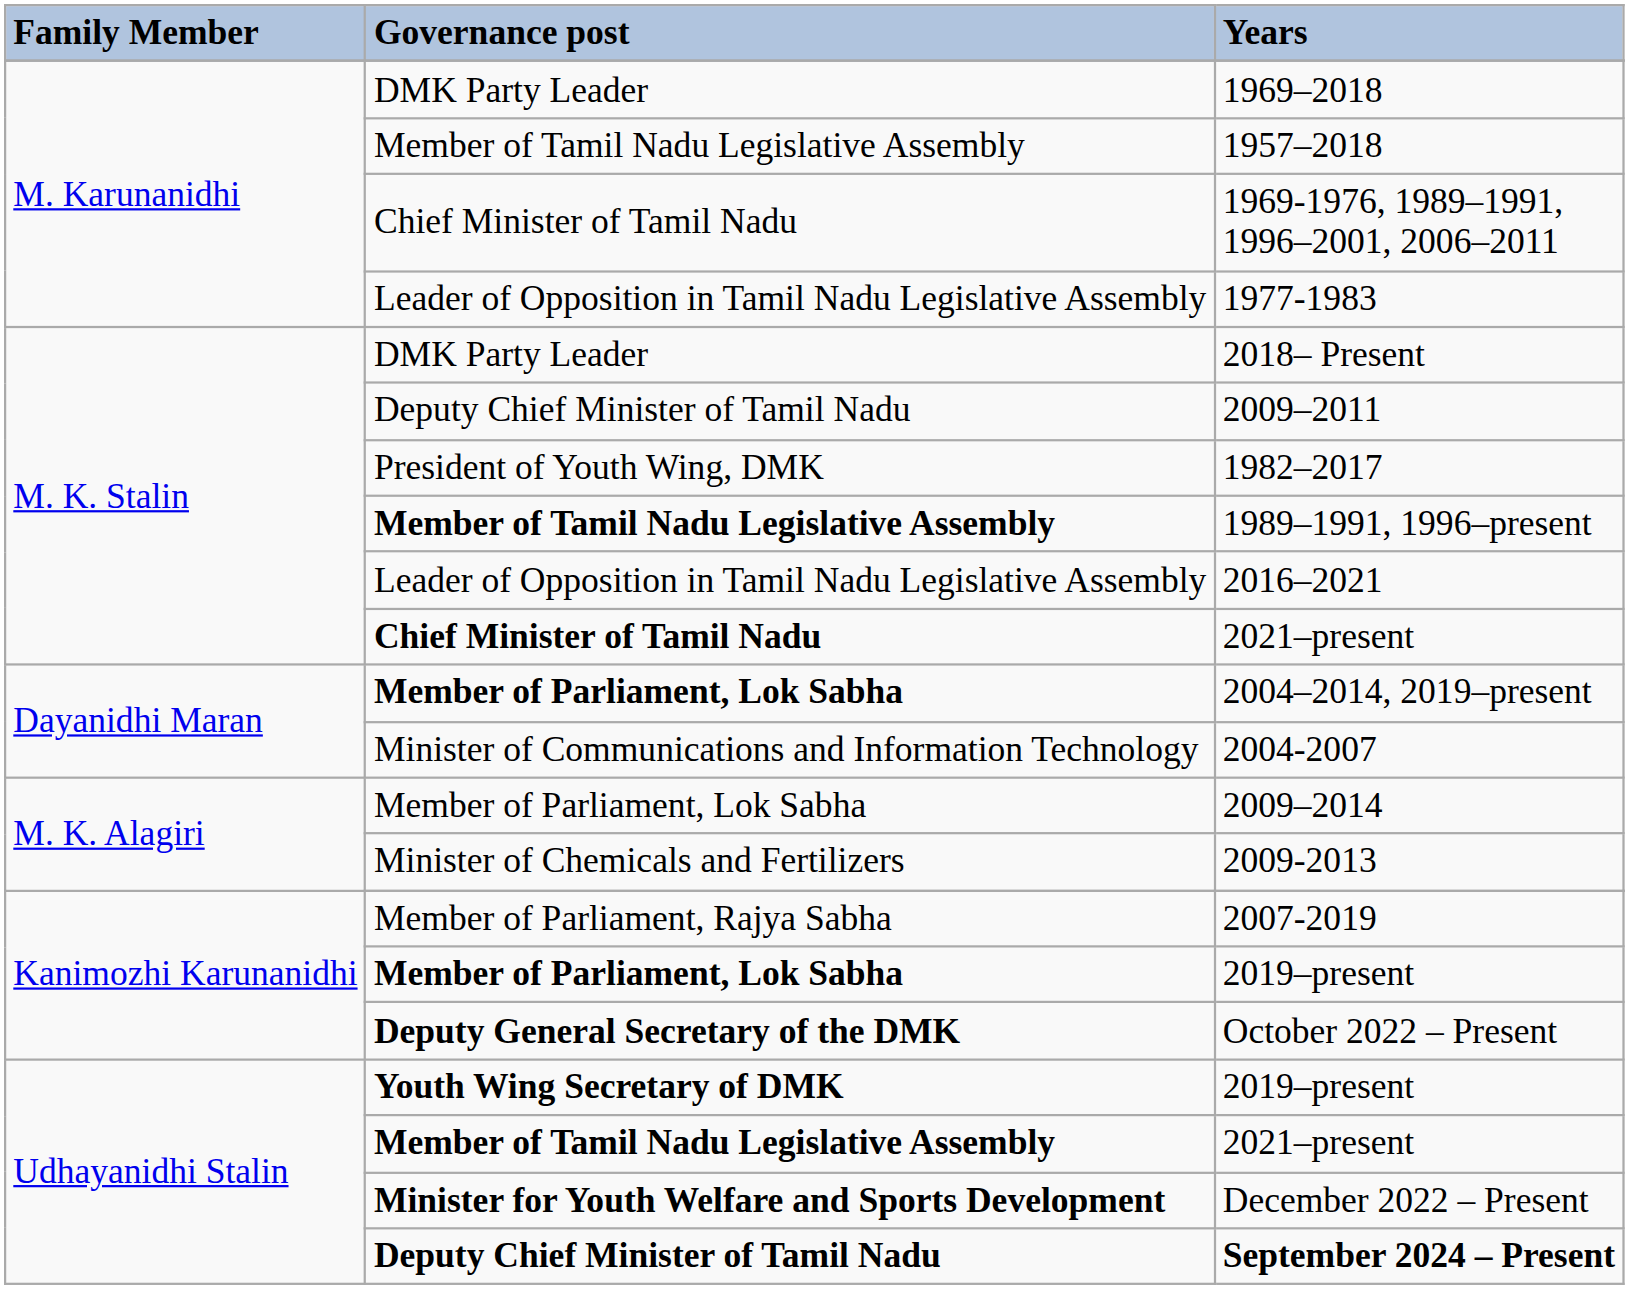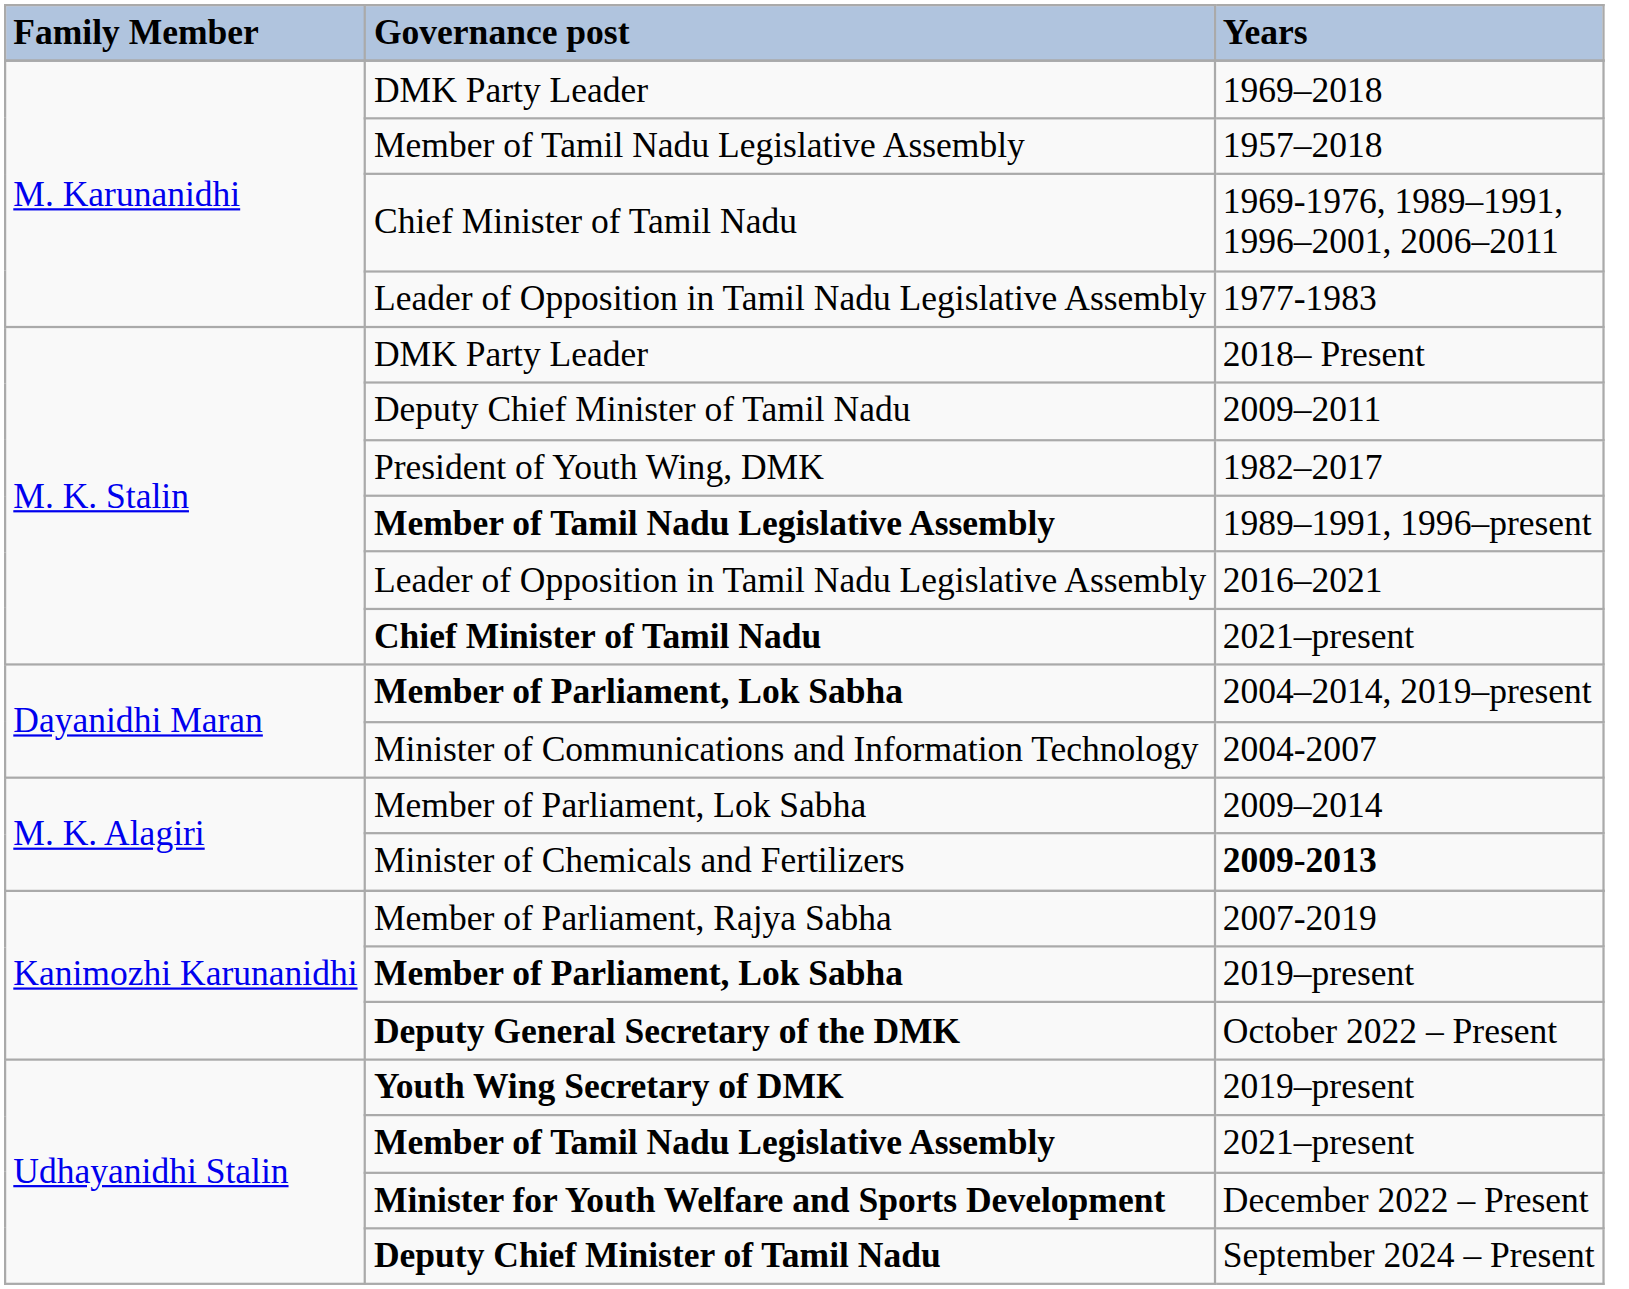 <table class="wikitable sortable">
 <tr style="background: LightSteelBlue;">
 <td><strong>Family Member</strong></td>
 <td><strong>Governance post</strong></td>
 <td><strong>Years</strong></td>
 </tr>
 <tr style="background:#CCCCC">
 </tr>
 <tr align ="center">
 </tr>
 <tr>
 <td rowspan="4"><a href='#'>M. Karunanidhi</a></td>
 <td>DMK Party Leader</td>
 <td>1969–2018</td>
 </tr>
 <tr>
 <td>Member of Tamil Nadu Legislative Assembly</td>
 <td>1957–2018</td>
 </tr>
 <tr>
 <td>Chief Minister of Tamil Nadu</td>
 <td>1969-1976, 1989–1991,<br>1996–2001, 2006–2011</td>
 </tr>
 <tr>
 <td>Leader of Opposition in Tamil Nadu Legislative Assembly</td>
 <td>1977-1983</td>
 </tr>
 <tr>
 <td rowspan="6"><a href='#'>M. K. Stalin</a></td>
 <td>DMK Party Leader</td>
 <td>2018– Present</td>
 </tr>
 <tr>
 <td>Deputy Chief Minister of Tamil Nadu</td>
 <td>2009–2011</td>
 </tr>
 <tr>
 <td>President of Youth Wing, DMK</td>
 <td>1982–2017</td>
 </tr>
 <tr>
 <td><strong>Member of Tamil Nadu Legislative Assembly</strong></td>
 <td>1989–1991, 1996–present</td>
 </tr>
 <tr>
 <td>Leader of Opposition in Tamil Nadu Legislative Assembly</td>
 <td>2016–2021</td>
 </tr>
 <tr>
 <td><strong>Chief Minister of Tamil Nadu</strong></td>
 <td>2021–present</td>
 </tr>
 <tr>
 <td rowspan="2"><a href='#'>Dayanidhi Maran</a></td>
 <td><strong>Member of Parliament, Lok Sabha</strong></td>
 <td>2004–2014, 2019–present</td>
 </tr>
 <tr>
 <td>Minister of Communications and Information Technology</td>
 <td>2004-2007</td>
 </tr>
 <tr>
 <td rowspan="2"><a href='#'>M. K. Alagiri</a></td>
 <td>Member of Parliament, Lok Sabha</td>
 <td>2009–2014</td>
 </tr>
 <tr>
 <td>Minister of Chemicals and Fertilizers</td>
-<td>2009-2013</td>
+<td><strong>2009-2013</strong></td>
 </tr>
 <tr>
 <td rowspan="4"><a href='#'>Kanimozhi Karunanidhi</a></td>
 </tr>
 <tr>
 <td>Member of Parliament, Rajya Sabha</td>
 <td>2007-2019</td>
 </tr>
 <tr>
 <td><strong>Member of Parliament, Lok Sabha</strong></td>
 <td>2019–present</td>
 </tr>
 <tr>
 <td><strong>Deputy General Secretary of the DMK</strong></td>
 <td>October 2022 – Present</td>
 </tr>
 <tr>
 <td rowspan="4"><a href='#'>Udhayanidhi Stalin</a></td>
 <td><strong>Youth Wing Secretary of DMK</strong></td>
 <td>2019–present</td>
 </tr>
 <tr>
 <td><strong>Member of Tamil Nadu Legislative Assembly</strong></td>
 <td>2021–present</td>
 </tr>
 <tr>
 <td><strong>Minister for Youth Welfare and Sports Development</strong></td>
 <td>December 2022 – Present</td>
 </tr>
 <tr>
 <td><strong>Deputy Chief Minister of Tamil Nadu</strong></td>
-<td><strong>September 2024 – Present</strong></td>
+<td>September 2024 – Present</td>
 </tr>
 </table>
